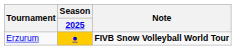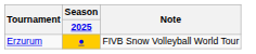 <table class=wikitable style="text-align:left; font-size:90%">
 <tr>
 <th rowspan="2">Tournament</th>
 <th colspan="1">Season</th>
 <th rowspan="2">Note</th>
 </tr>
 <tr>
 <th><a href='#'>2025</a></th>
 </tr>
 <tr>
 <td> <a href='#'>Erzurum</a></td>
 <td bgcolor=#ffcc00 align="center"><a href='#'>●</a></td>
-<td><strong>FIVB Snow Volleyball World Tour</strong></td>
+<td>FIVB Snow Volleyball World Tour</td>
 </tr>
 </table>
